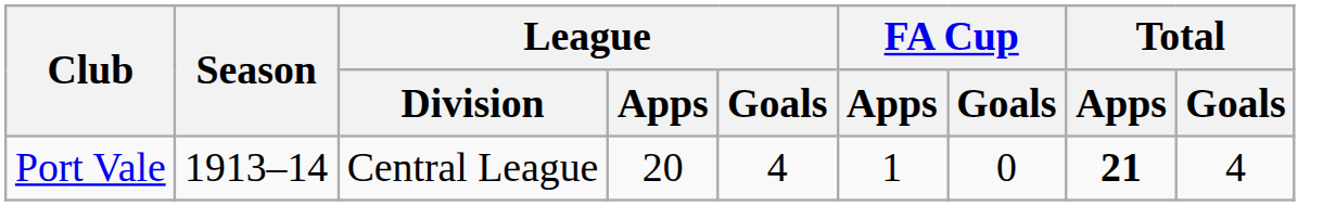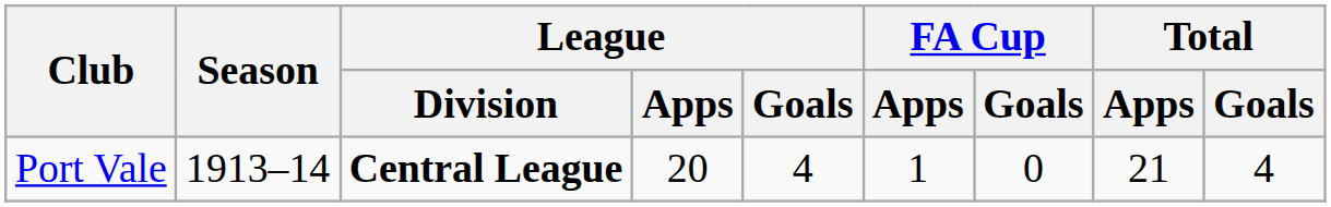 <table class="wikitable" style="text-align:center">
 <tr>
 <th rowspan="2">Club</th>
 <th rowspan="2">Season</th>
 <th colspan="3">League</th>
 <th colspan="2"><a href='#'>FA Cup</a></th>
 <th colspan="2">Total</th>
 </tr>
 <tr>
 <th>Division</th>
 <th>Apps</th>
 <th>Goals</th>
 <th>Apps</th>
 <th>Goals</th>
 <th>Apps</th>
 <th>Goals</th>
 </tr>
 <tr>
 <td><a href='#'>Port Vale</a></td>
 <td>1913–14</td>
-<td>Central League</td>
+<td><strong>Central League</strong></td>
 <td>20</td>
 <td>4</td>
 <td>1</td>
 <td>0</td>
-<td><strong>21</strong></td>
+<td>21</td>
 <td>4</td>
 </tr>
 </table>
